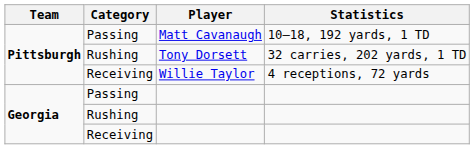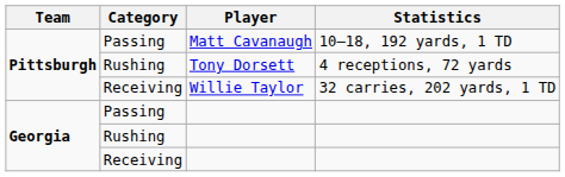 <table class="wikitable" style="float: right;">
 <tr>
 <th>Team</th>
 <th>Category</th>
 <th>Player</th>
 <th>Statistics</th>
 </tr>
 <tr>
 <td rowspan=3><strong>Pittsburgh</strong></td>
 <td>Passing</td>
 <td><a href='#'>Matt Cavanaugh</a></td>
 <td>10–18, 192 yards, 1 TD</td>
 </tr>
 <tr>
 <td>Rushing</td>
 <td><a href='#'>Tony Dorsett</a></td>
-<td>32 carries, 202 yards, 1 TD</td>
+<td>4 receptions, 72 yards</td>
 </tr>
 <tr>
 <td>Receiving</td>
 <td><a href='#'>Willie Taylor</a></td>
-<td>4 receptions, 72 yards</td>
+<td>32 carries, 202 yards, 1 TD</td>
 </tr>
 <tr>
 <td rowspan=3><strong>Georgia</strong></td>
 <td>Passing</td>
 <td></td>
 <td></td>
 </tr>
 <tr>
 <td>Rushing</td>
 <td></td>
 <td></td>
 </tr>
 <tr>
 <td>Receiving</td>
 <td></td>
 <td></td>
 </tr>
 </table>
